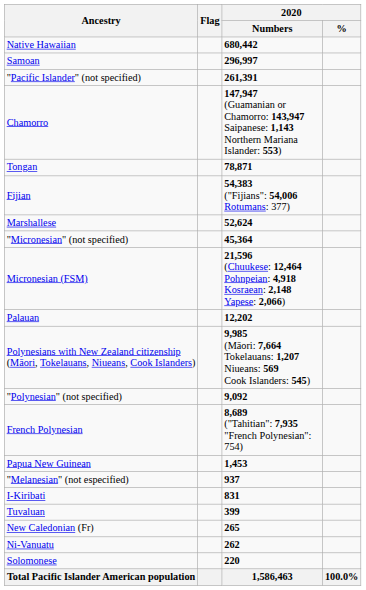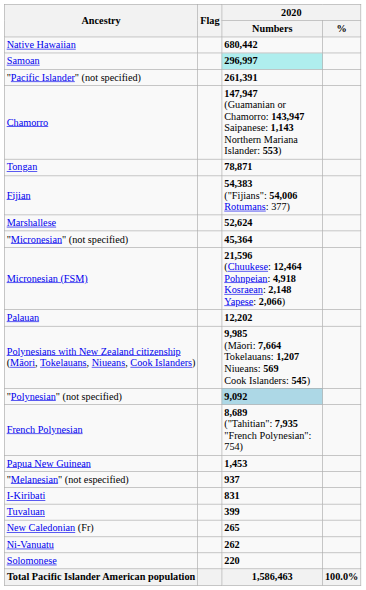 <table class="wikitable sortable">
 <tr>
 <th rowspan=2>Ancestry</th>
 <th rowspan=2 class=unsortable>Flag</th>
 <th colspan=2>2020</th>
 </tr>
 <tr>
 <th width=150>Numbers</th>
 <th>%</th>
 </tr>
 <tr>
 <td><a href='#'>Native Hawaiian</a></td>
 <td></td>
 <td><strong>680,442</strong></td>
 <td></td>
 </tr>
 <tr>
 <td><a href='#'>Samoan</a></td>
 <td> </td>
-<td><strong>296,997</strong></td>
+<td style="background: paleturquoise;"><strong>296,997</strong></td>
 <td></td>
 </tr>
 <tr>
 <td>"<a href='#'>Pacific Islander</a>" (not specified)</td>
 <td></td>
 <td><strong>261,391</strong></td>
 <td></td>
 </tr>
 <tr>
 <td><a href='#'>Chamorro</a></td>
 <td> </td>
 <td><strong>147,947</strong><br> (Guamanian or Chamorro: <strong>143,947</strong><br> Saipanese: <strong>1,143</strong><br> Northern Mariana Islander: <strong>553</strong>)</td>
 <td></td>
 </tr>
 <tr>
 <td><a href='#'>Tongan</a></td>
 <td></td>
 <td><strong>78,871</strong></td>
 <td></td>
 </tr>
 <tr>
 <td><a href='#'>Fijian</a></td>
 <td></td>
 <td><strong>54,383</strong> <br>("Fijians": <strong>54,006</strong><br> <a href='#'>Rotumans</a>: 377)</td>
 <td></td>
 </tr>
 <tr>
 <td><a href='#'>Marshallese</a></td>
 <td></td>
 <td><strong>52,624</strong></td>
 <td></td>
 </tr>
 <tr>
 <td>"<a href='#'>Micronesian</a>" (not specified)</td>
 <td></td>
 <td><strong>45,364</strong></td>
 <td></td>
 </tr>
 <tr>
 <td><a href='#'>Micronesian (FSM)</a></td>
 <td></td>
 <td><strong>21,596</strong> <br>(<a href='#'>Chuukese</a>: <strong>12,464</strong><br> <a href='#'>Pohnpeian</a>: <strong>4,918</strong><br> <a href='#'>Kosraean</a>: <strong>2,148</strong><br> <a href='#'>Yapese</a>: <strong>2,066</strong>)</td>
 <td></td>
 </tr>
 <tr>
 <td><a href='#'>Palauan</a></td>
 <td></td>
 <td><strong>12,202</strong></td>
 <td></td>
 </tr>
 <tr>
 <td><a href='#'>Polynesians with New Zealand citizenship</a><br>(<a href='#'>Māori</a>, <a href='#'>Tokelauans</a>, <a href='#'>Niueans</a>, <a href='#'>Cook Islanders</a>)</td>
 <td>   </td>
 <td><strong>9,985</strong> <br>(Māori: <strong>7,664</strong><br> Tokelauans: <strong>1,207</strong> <br> Niueans: <strong>569</strong><br> Cook Islanders: <strong>545</strong>)</td>
 <td></td>
 </tr>
 <tr>
 <td>"<a href='#'>Polynesian</a>" (not specified)</td>
 <td></td>
-<td><strong>9,092</strong></td>
+<td style="background: lightblue;"><strong>9,092</strong></td>
 <td></td>
 </tr>
 <tr>
 <td><a href='#'>French Polynesian</a></td>
 <td></td>
 <td><strong>8,689</strong> <br>("Tahitian": <strong>7,935</strong><br> "French Polynesian": 754)</td>
 <td></td>
 </tr>
 <tr>
 <td><a href='#'>Papua New Guinean</a></td>
 <td></td>
 <td><strong>1,453</strong></td>
 <td></td>
 </tr>
 <tr>
 <td>"<a href='#'>Melanesian</a>" (not especified)</td>
 <td></td>
 <td><strong>937</strong></td>
 <td></td>
 </tr>
 <tr>
 <td><a href='#'>I-Kiribati</a></td>
 <td></td>
 <td><strong>831</strong></td>
 <td></td>
 </tr>
 <tr>
 <td><a href='#'>Tuvaluan</a></td>
 <td></td>
 <td><strong>399</strong></td>
 <td></td>
 </tr>
 <tr>
 <td><a href='#'>New Caledonian</a> (Fr)</td>
 <td></td>
 <td><strong>265</strong></td>
 <td></td>
 </tr>
 <tr>
 <td><a href='#'>Ni-Vanuatu</a></td>
 <td></td>
 <td><strong>262</strong></td>
 <td></td>
 </tr>
 <tr>
 <td><a href='#'>Solomonese</a></td>
 <td></td>
 <td><strong>220</strong></td>
 <td></td>
 </tr>
 <tr>
 <th>Total Pacific Islander American population</th>
 <th></th>
 <th><strong>1,586,463</strong></th>
 <th>100.0%</th>
 </tr>
 </table>
